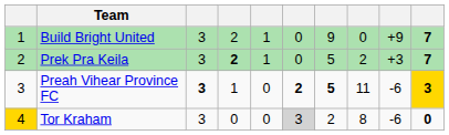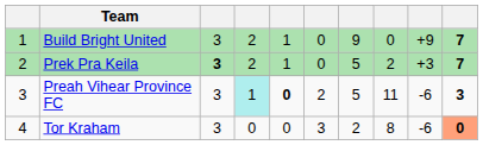 <table class="wikitable" style="text-align: center;">
 <tr>
 <th width=30></th>
 <th width=165>Team</th>
 <th width=30></th>
 <th width=30></th>
 <th width=30></th>
 <th width=30></th>
 <th width=30></th>
 <th width=30></th>
 <th width=30></th>
 <th width=30></th>
 </tr>
 <tr style="background:#ace1af;">
 <td>1</td>
 <td align=left><a href='#'>Build Bright United</a></td>
 <td>3</td>
 <td>2</td>
 <td>1</td>
 <td>0</td>
 <td>9</td>
 <td>0</td>
 <td>+9</td>
 <td><strong>7</strong></td>
 </tr>
 <tr style="background:#ace1af;">
 <td>2</td>
 <td align=left><a href='#'>Prek Pra Keila</a></td>
-<td>3</td>
-<td><strong>2</strong></td>
+<td><strong>3</strong></td>
+<td>2</td>
 <td>1</td>
 <td>0</td>
 <td>5</td>
 <td>2</td>
 <td>+3</td>
 <td><strong>7</strong></td>
 </tr>
 <tr>
 <td>3</td>
 <td align=left><a href='#'>Preah Vihear Province FC</a></td>
-<td><strong>3</strong></td>
-<td>1</td>
-<td>0</td>
-<td><strong>2</strong></td>
-<td><strong>5</strong></td>
+<td>3</td>
+<td style="background: paleturquoise;">1</td>
+<td><strong>0</strong></td>
+<td>2</td>
+<td>5</td>
 <td>11</td>
 <td>-6</td>
-<td style="background: gold;"><strong>3</strong></td>
+<td><strong>3</strong></td>
 </tr>
 <tr>
-<td style="background: gold;">4</td>
+<td>4</td>
 <td align=left><a href='#'>Tor Kraham</a></td>
 <td>3</td>
 <td>0</td>
 <td>0</td>
-<td style="background: lightgrey;">3</td>
+<td>3</td>
 <td>2</td>
 <td>8</td>
 <td>-6</td>
-<td><strong>0</strong></td>
+<td style="background: lightsalmon;"><strong>0</strong></td>
 </tr>
 </table>
